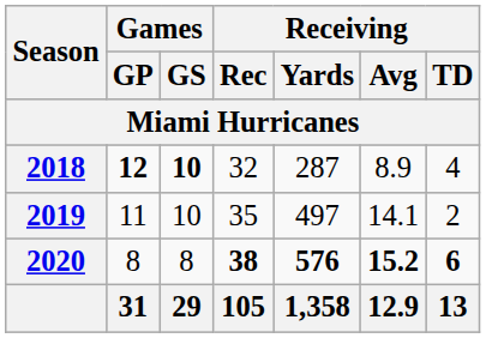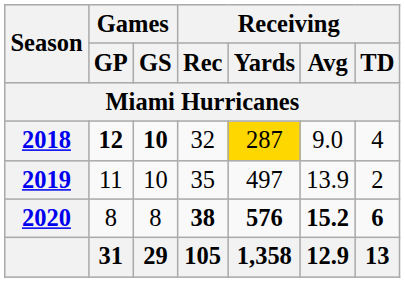 <table class="wikitable" style="text-align:center;">
 <tr>
 <th rowspan="2">Season</th>
 <th colspan="2">Games</th>
 <th colspan="4">Receiving</th>
 </tr>
 <tr>
 <th>GP</th>
 <th>GS</th>
 <th>Rec</th>
 <th>Yards</th>
 <th>Avg</th>
 <th>TD</th>
 </tr>
 <tr>
 <th colspan="8">Miami Hurricanes</th>
 </tr>
 <tr>
 <th><a href='#'>2018</a></th>
 <td><strong>12</strong></td>
 <td><strong>10</strong></td>
 <td>32</td>
-<td>287</td>
-<td>8.9</td>
+<td style="background: gold;">287</td>
+<td>9.0</td>
 <td>4</td>
 </tr>
 <tr>
 <th><a href='#'>2019</a></th>
 <td>11</td>
 <td>10</td>
 <td>35</td>
 <td>497</td>
-<td>14.1</td>
+<td>13.9</td>
 <td>2</td>
 </tr>
 <tr>
 <th><a href='#'>2020</a></th>
 <td>8</td>
 <td>8</td>
 <td><strong>38</strong></td>
 <td><strong>576</strong></td>
 <td><strong>15.2</strong></td>
 <td><strong>6</strong></td>
 </tr>
 <tr>
 <th></th>
 <th>31</th>
 <th>29</th>
 <th>105</th>
 <th>1,358</th>
 <th>12.9</th>
 <th>13</th>
 </tr>
 </table>
